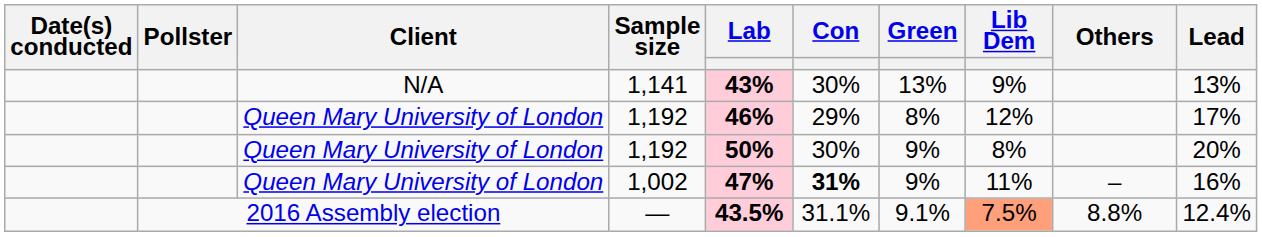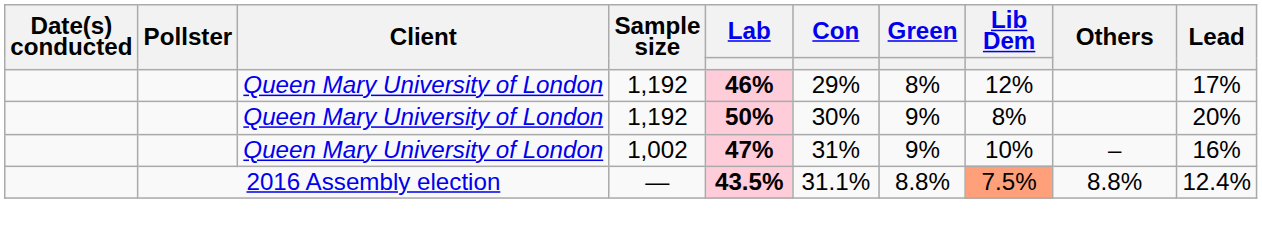 <table class="wikitable sortable mw-datatable" style="text-align:center;line-height:14px;">
 <tr>
 <th rowspan="2">Date(s)<br>conducted</th>
 <th rowspan="2">Pollster</th>
 <th rowspan="2">Client</th>
 <th rowspan="2" data-sort-type="number">Sample<br>size</th>
 <th style="width:50px;" class="unsortable"><a href='#'>Lab</a></th>
 <th style="width:50px;" class="unsortable"><a href='#'>Con</a></th>
 <th style="width:50px;" class="unsortable"><a href='#'>Green</a></th>
 <th style="width:50px;" class="unsortable"><a href='#'>Lib Dem</a></th>
 <th rowspan="2" class="unsortable" style="width:75px;">Others</th>
 <th rowspan="2" data-sort-type="number">Lead</th>
 </tr>
 <tr>
 <th data-sort-type="number" style="background:"></th>
 <th data-sort-type="number" style="background:"></th>
 <th data-sort-type="number" style="background:"></th>
 <th data-sort-type="number" style="background:"></th>
-</tr>
-<tr>
-<td></td>
-<td></td>
-<td>N/A</td>
-<td>1,141</td>
-<td style="background:#FFCCD9"><strong>43%</strong></td>
-<td>30%</td>
-<td>13%</td>
-<td>9%</td>
-<td></td>
-<td style="background:">13%</td>
 </tr>
 <tr>
 <td></td>
 <td></td>
 <td><em><a href='#'>Queen Mary University of London</a></em></td>
 <td>1,192</td>
 <td style="background:#FFCCD9"><strong>46%</strong></td>
 <td>29%</td>
 <td>8%</td>
 <td>12%</td>
 <td></td>
 <td style="background:">17%</td>
 </tr>
 <tr>
 <td></td>
 <td></td>
 <td><em><a href='#'>Queen Mary University of London</a></em></td>
 <td>1,192</td>
 <td style="background:#FFCCD9"><strong>50%</strong></td>
 <td>30%</td>
 <td>9%</td>
 <td>8%</td>
 <td></td>
 <td style="background:">20%</td>
 </tr>
 <tr>
 <td></td>
 <td></td>
 <td><em><a href='#'>Queen Mary University of London</a></em></td>
 <td>1,002</td>
 <td style="background:#FFCCD9"><strong>47%</strong></td>
-<td><strong>31%</strong></td>
+<td>31%</td>
 <td>9%</td>
-<td>11%</td>
+<td>10%</td>
 <td>–</td>
 <td style="background:">16%</td>
 </tr>
 <tr>
 <td></td>
 <td colspan="2"><a href='#'>2016 Assembly election</a></td>
 <td>—</td>
 <td style="background:#FFCCD9;"><strong>43.5%</strong></td>
 <td>31.1%</td>
-<td>9.1%</td>
+<td>8.8%</td>
 <td style="background: lightsalmon;">7.5%</td>
 <td>8.8%</td>
 <td style="background:">12.4%</td>
 </tr>
 </table>
